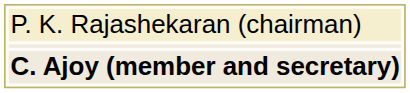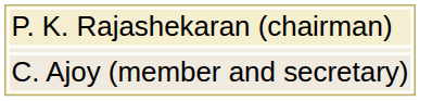 <table style="border: 1px solid #BEB168;background-color:#FDFCF6;">
 <tr>
 <td colspan="2" style="background-color:#F5EFD0;"> P. K. Rajashekaran (chairman)</td>
 </tr>
 <tr style="background-color:#F0EADF;">
 <td></td>
 </tr>
 <tr style="background-color:#F0EADF;">
-<td><strong> C. Ajoy (member and secretary)</strong></td>
+<td> C. Ajoy (member and secretary)</td>
 </tr>
 </table>
